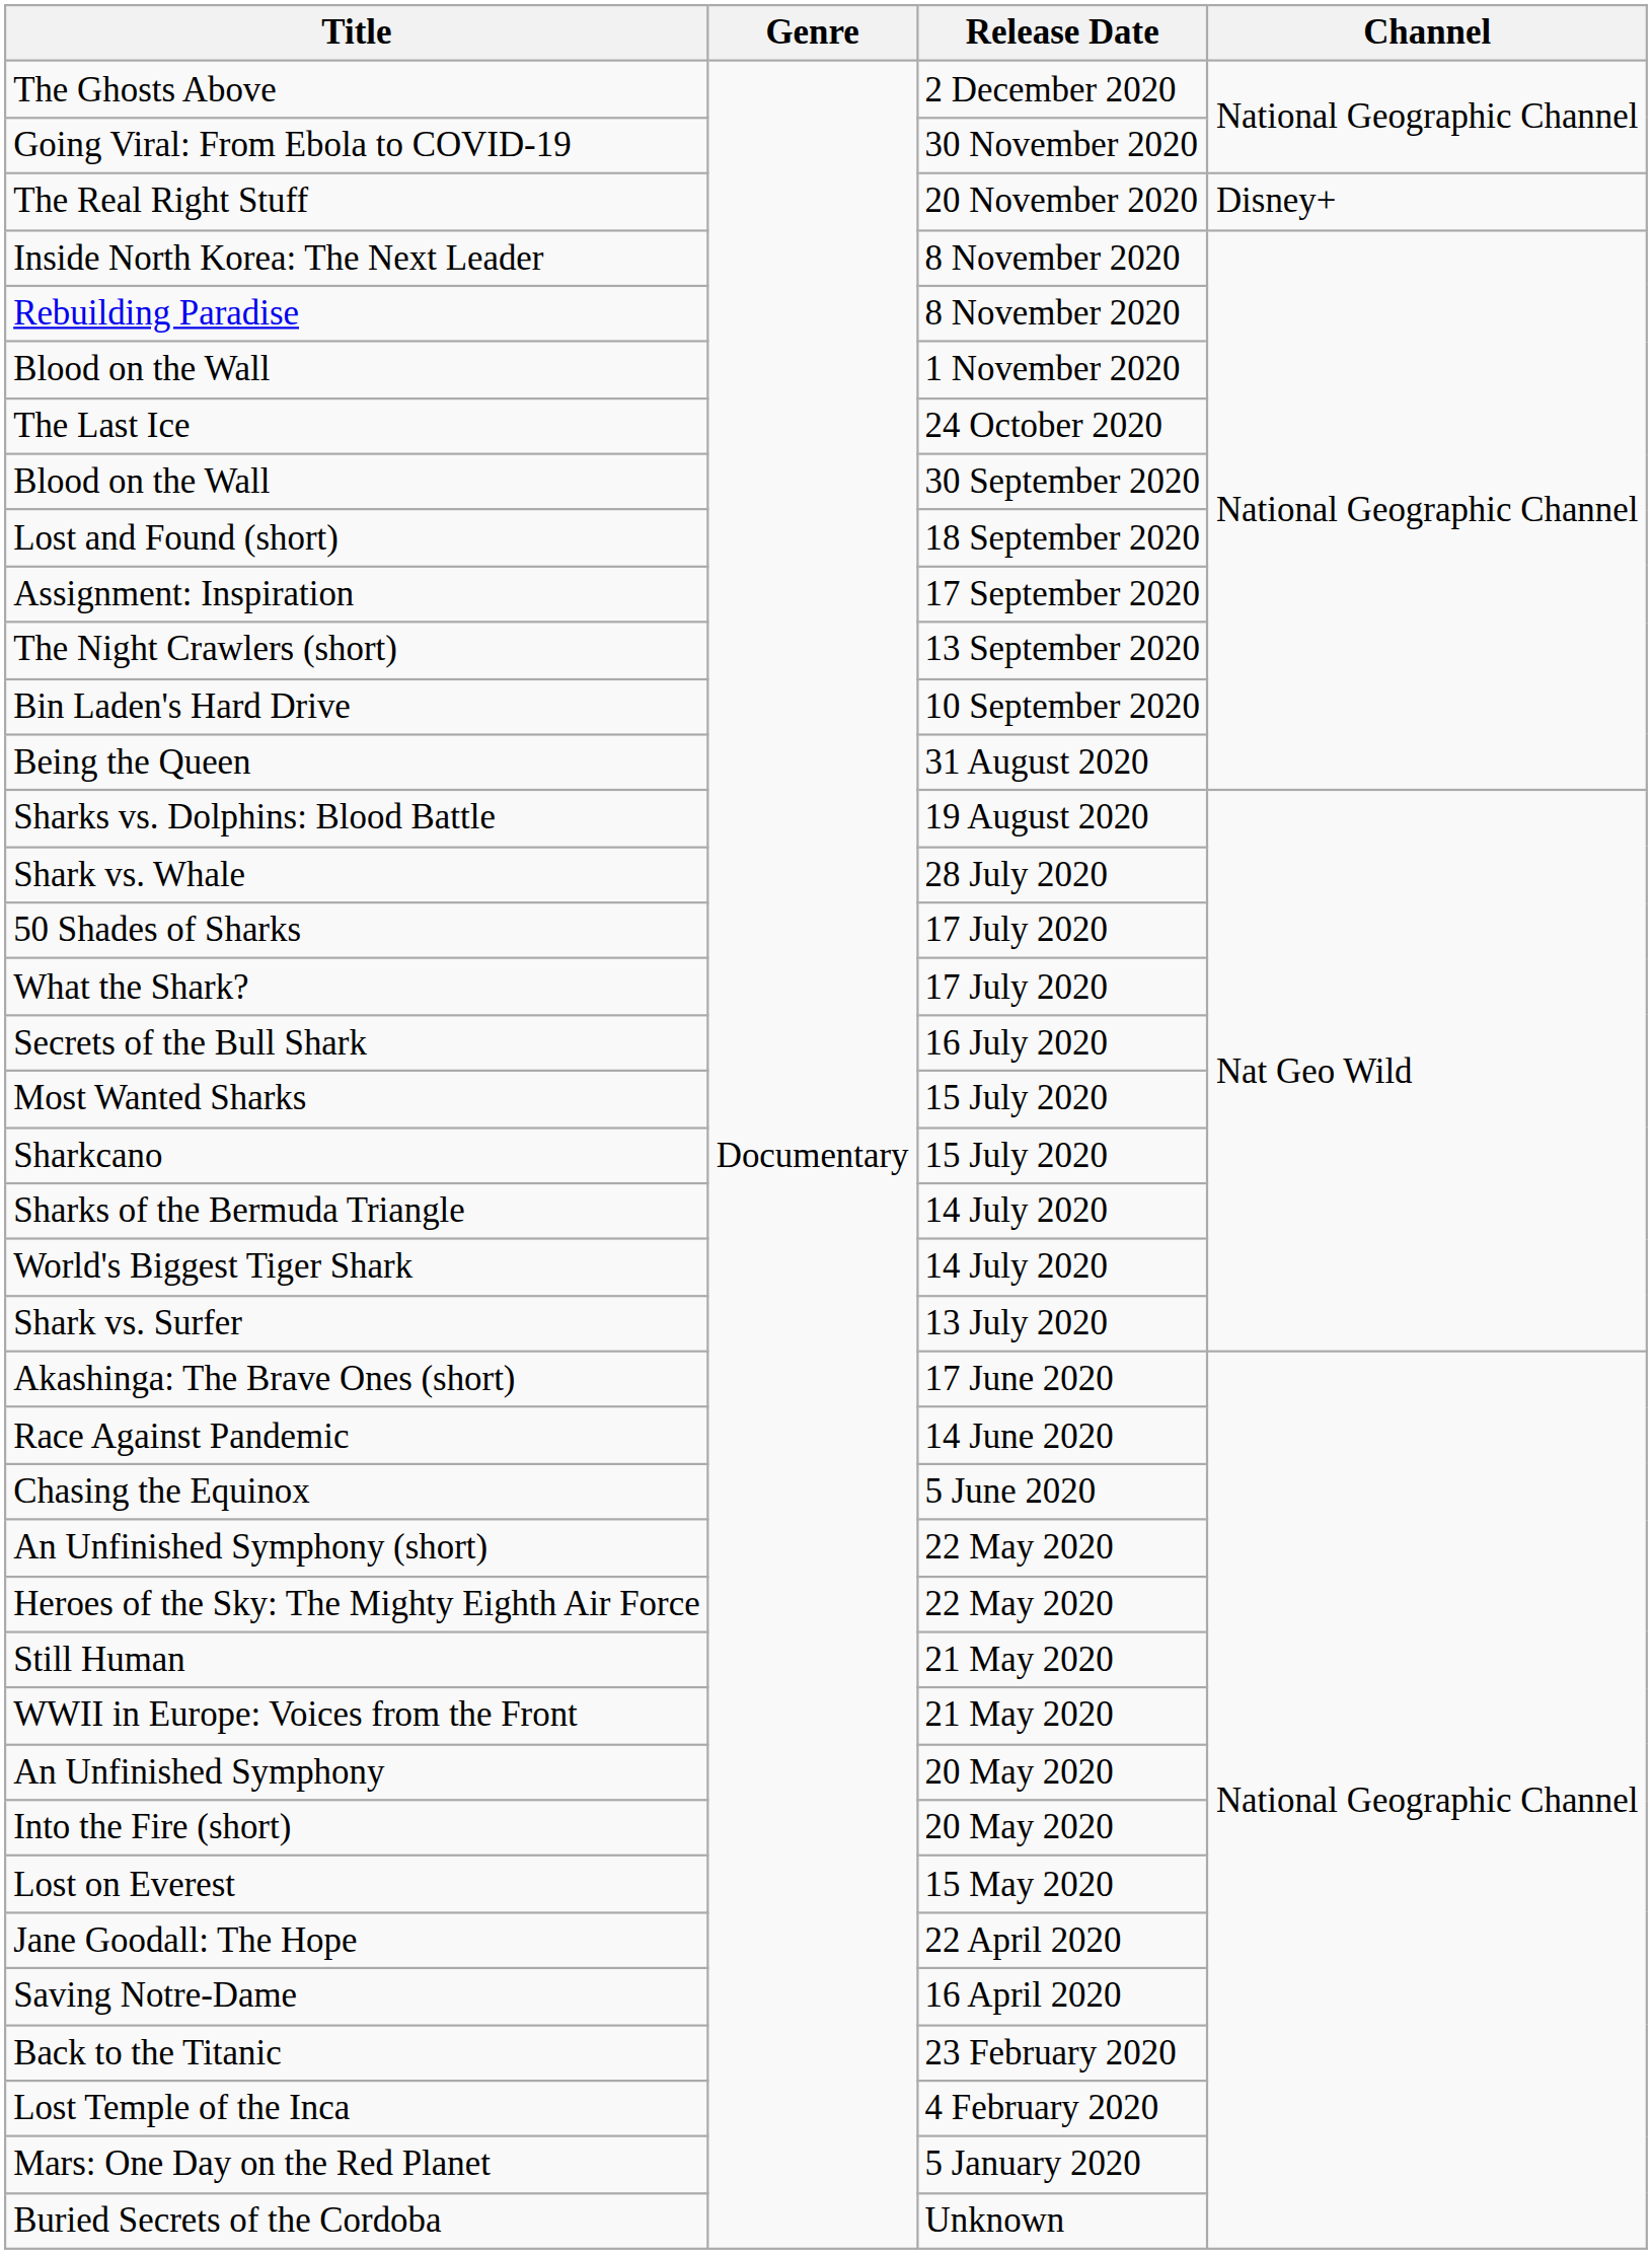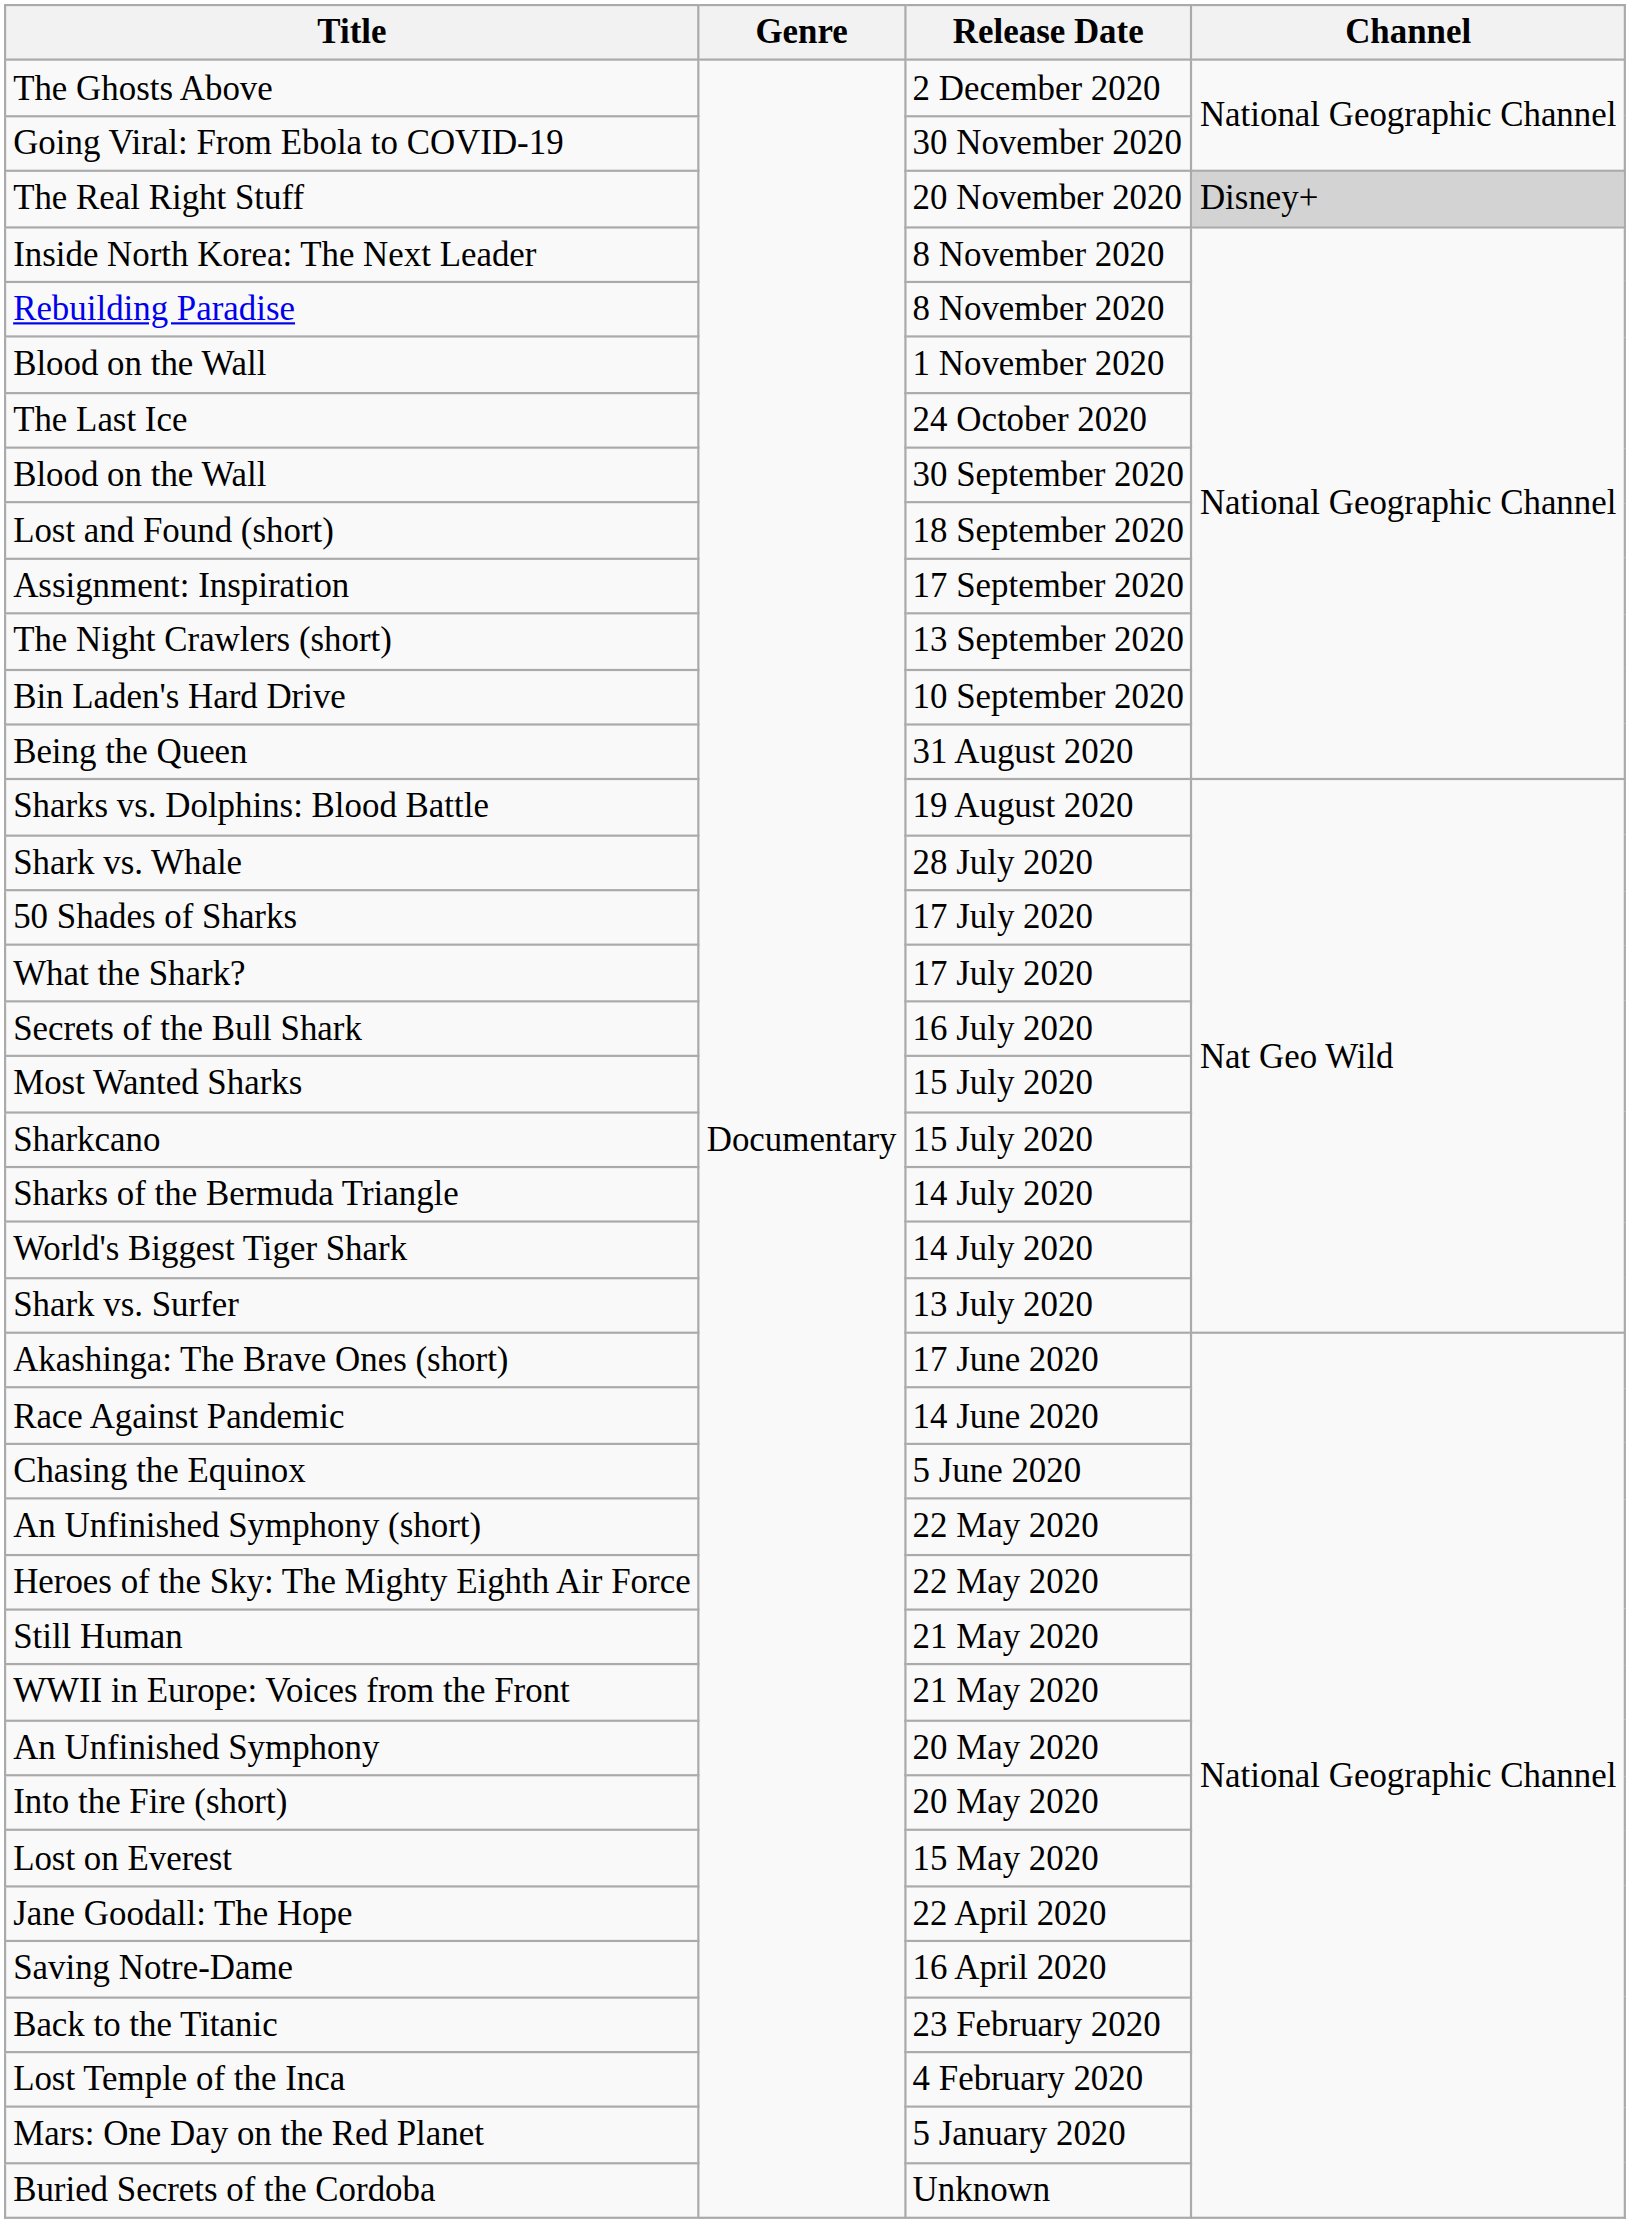 <table class="wikitable sortable">
 <tr>
 <th>Title</th>
 <th>Genre</th>
 <th>Release Date</th>
 <th>Channel</th>
 </tr>
 <tr>
 <td>The Ghosts Above</td>
 <td rowspan="44">Documentary</td>
 <td>2 December 2020</td>
 <td rowspan="2">National Geographic Channel</td>
 </tr>
 <tr>
 <td>Going Viral: From Ebola to COVID-19</td>
 <td>30 November 2020</td>
 </tr>
 <tr>
 <td>The Real Right Stuff</td>
 <td>20 November 2020</td>
-<td>Disney+</td>
+<td style="background: lightgrey;">Disney+</td>
 </tr>
 <tr>
 <td>Inside North Korea: The Next Leader</td>
 <td>8 November 2020</td>
 <td rowspan="10">National Geographic Channel</td>
 </tr>
 <tr>
 <td><a href='#'>Rebuilding Paradise</a></td>
 <td>8 November 2020</td>
 </tr>
 <tr>
 <td>Blood on the Wall</td>
 <td>1 November 2020</td>
 </tr>
 <tr>
 <td>The Last Ice</td>
 <td>24 October 2020</td>
 </tr>
 <tr>
 <td>Blood on the Wall</td>
 <td>30 September 2020</td>
 </tr>
 <tr>
 <td>Lost and Found (short)</td>
 <td>18 September 2020</td>
 </tr>
 <tr>
 <td>Assignment: Inspiration</td>
 <td>17 September 2020</td>
 </tr>
 <tr>
 <td>The Night Crawlers (short)</td>
 <td>13 September 2020</td>
 </tr>
 <tr>
 <td>Bin Laden's Hard Drive</td>
 <td>10 September 2020</td>
 </tr>
 <tr>
 <td>Being the Queen</td>
 <td>31 August 2020</td>
 </tr>
 <tr>
 <td>Sharks vs. Dolphins: Blood Battle</td>
 <td>19 August 2020</td>
 <td rowspan="10">Nat Geo Wild</td>
 </tr>
 <tr>
 <td>Shark vs. Whale</td>
 <td>28 July 2020</td>
 </tr>
 <tr>
 <td>50 Shades of Sharks</td>
 <td>17 July 2020</td>
 </tr>
 <tr>
 <td>What the Shark?</td>
 <td>17 July 2020</td>
 </tr>
 <tr>
 <td>Secrets of the Bull Shark</td>
 <td>16 July 2020</td>
 </tr>
 <tr>
 <td>Most Wanted Sharks</td>
 <td>15 July 2020</td>
 </tr>
 <tr>
 <td>Sharkcano</td>
 <td>15 July 2020</td>
 </tr>
 <tr>
 <td>Sharks of the Bermuda Triangle</td>
 <td>14 July 2020</td>
 </tr>
 <tr>
 <td>World's Biggest Tiger Shark</td>
 <td>14 July 2020</td>
 </tr>
 <tr>
 <td>Shark vs. Surfer</td>
 <td>13 July 2020</td>
 </tr>
 <tr>
 <td>Akashinga: The Brave Ones (short)</td>
 <td>17 June 2020</td>
 <td rowspan="16">National Geographic Channel</td>
 </tr>
 <tr>
 <td>Race Against Pandemic</td>
 <td>14 June 2020</td>
 </tr>
 <tr>
 <td>Chasing the Equinox</td>
 <td>5 June 2020</td>
 </tr>
 <tr>
 <td>An Unfinished Symphony (short)</td>
 <td>22 May 2020</td>
 </tr>
 <tr>
 <td>Heroes of the Sky: The Mighty Eighth Air Force</td>
 <td>22 May 2020</td>
 </tr>
 <tr>
 <td>Still Human</td>
 <td>21 May 2020</td>
 </tr>
 <tr>
 <td>WWII in Europe: Voices from the Front</td>
 <td>21 May 2020</td>
 </tr>
 <tr>
 <td>An Unfinished Symphony</td>
 <td>20 May 2020</td>
 </tr>
 <tr>
 <td>Into the Fire (short)</td>
 <td>20 May 2020</td>
 </tr>
 <tr>
 <td>Lost on Everest</td>
 <td>15 May 2020</td>
 </tr>
 <tr>
 <td>Jane Goodall: The Hope</td>
 <td>22 April 2020</td>
 </tr>
 <tr>
 <td>Saving Notre-Dame</td>
 <td>16 April 2020</td>
 </tr>
 <tr>
 <td>Back to the Titanic</td>
 <td>23 February 2020</td>
 </tr>
 <tr>
 <td>Lost Temple of the Inca</td>
 <td>4 February 2020</td>
 </tr>
 <tr>
 <td>Mars: One Day on the Red Planet</td>
 <td>5 January 2020</td>
 </tr>
 <tr>
 <td>Buried Secrets of the Cordoba</td>
 <td>Unknown</td>
 </tr>
 </table>
